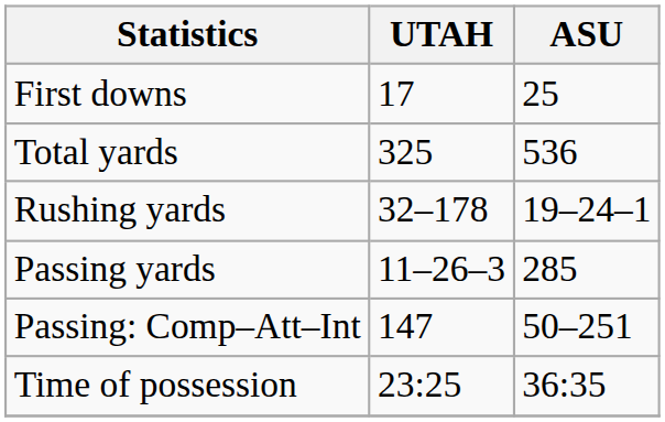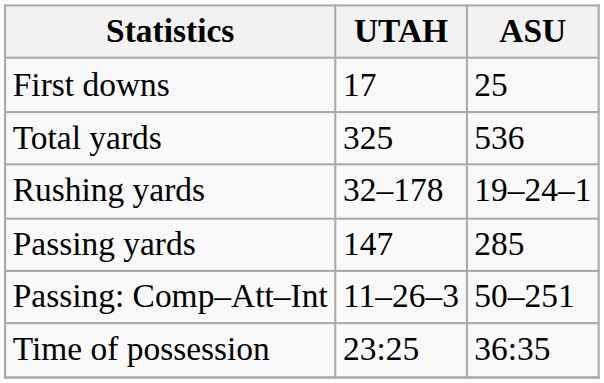 <table class="wikitable" style="float: left;">
 <tr>
 <th>Statistics</th>
 <th>UTAH</th>
 <th>ASU</th>
 </tr>
 <tr>
 <td>First downs</td>
 <td>17</td>
 <td>25</td>
 </tr>
 <tr>
 <td>Total yards</td>
 <td>325</td>
 <td>536</td>
 </tr>
 <tr>
 <td>Rushing yards</td>
 <td>32–178</td>
 <td>19–24–1</td>
 </tr>
 <tr>
 <td>Passing yards</td>
-<td>11–26–3</td>
+<td>147</td>
 <td>285</td>
 </tr>
 <tr>
 <td>Passing: Comp–Att–Int</td>
-<td>147</td>
+<td>11–26–3</td>
 <td>50–251</td>
 </tr>
 <tr>
 <td>Time of possession</td>
 <td>23:25</td>
 <td>36:35</td>
 </tr>
 <tr>
 </tr>
 </table>
